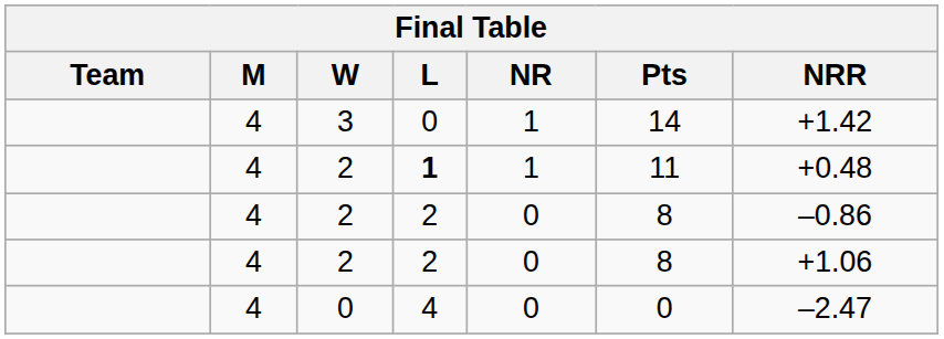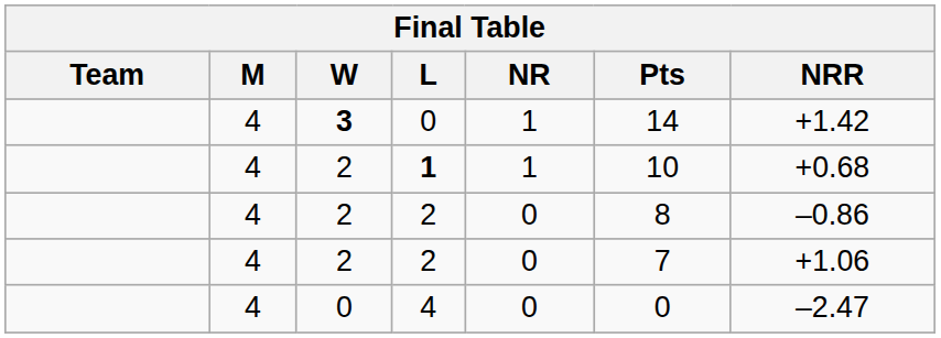 <table class="wikitable" style="text-align:left; width:40%">
 <tr>
 <th colspan="8">Final Table</th>
 </tr>
 <tr>
 <th>Team</th>
 <th>M</th>
 <th>W</th>
 <th>L</th>
 <th>NR</th>
 <th>Pts</th>
 <th>NRR</th>
 </tr>
 <tr style="text-align:center;">
 <td align=left></td>
 <td>4</td>
-<td>3</td>
+<td><strong>3</strong></td>
 <td>0</td>
 <td>1</td>
 <td>14</td>
 <td>+1.42</td>
 </tr>
 <tr style="text-align:center;">
 <td align=left></td>
 <td>4</td>
 <td>2</td>
 <td><strong>1</strong></td>
 <td>1</td>
-<td>11</td>
-<td>+0.48</td>
+<td>10</td>
+<td>+0.68</td>
 </tr>
 <tr style="text-align:center;">
 <td align=left></td>
 <td>4</td>
 <td>2</td>
 <td>2</td>
 <td>0</td>
 <td>8</td>
 <td>–0.86</td>
 </tr>
 <tr style="text-align:center;">
 <td align=left></td>
 <td>4</td>
 <td>2</td>
 <td>2</td>
 <td>0</td>
-<td>8</td>
+<td>7</td>
 <td>+1.06</td>
 </tr>
 <tr style="text-align:center;">
 <td align=left></td>
 <td>4</td>
 <td>0</td>
 <td>4</td>
 <td>0</td>
 <td>0</td>
 <td>–2.47</td>
 </tr>
 </table>
